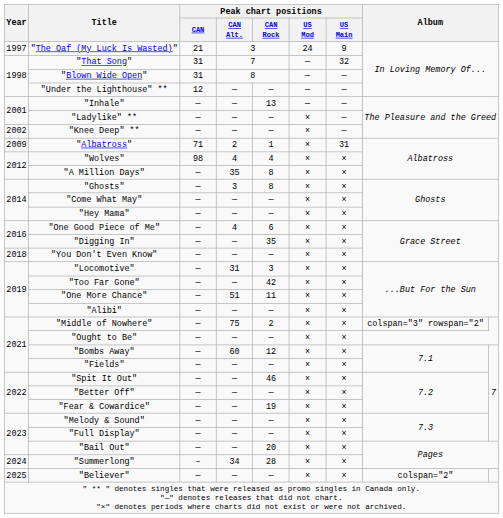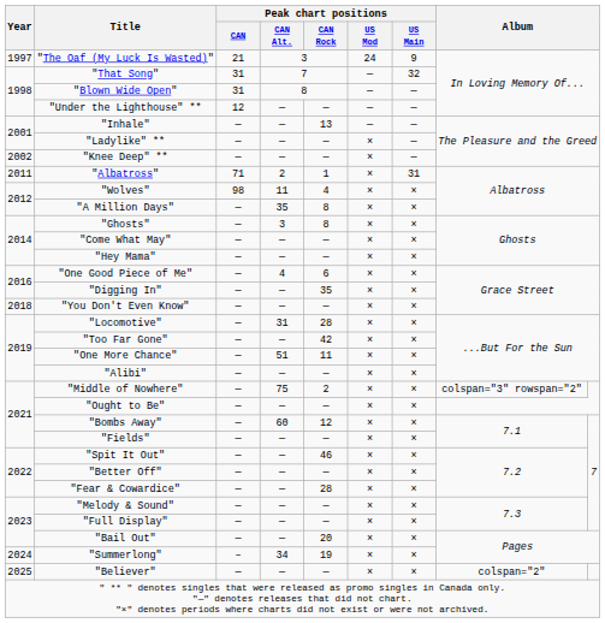 <table class="wikitable" style="text-align:center;">
 <tr>
 <th rowspan="2">Year</th>
 <th rowspan="2">Title</th>
 <th colspan="5">Peak chart positions</th>
 <th colspan="2" rowspan="2">Album</th>
 </tr>
 <tr>
 <th width="50"><small><a href='#'>CAN</a></small><br></th>
 <th width="50"><small><a href='#'>CAN <br> Alt.</a></small><br></th>
 <th width="50"><small><a href='#'>CAN<br>Rock</a></small><br></th>
 <th width="50"><small><a href='#'>US<br>Mod</a></small><br></th>
 <th width="50"><small><a href='#'>US<br>Main</a></small><br></th>
 </tr>
 <tr>
 <td>1997</td>
 <td>"<a href='#'>The Oaf (My Luck Is Wasted)</a>"</td>
 <td>21</td>
 <td colspan="2">3</td>
 <td>24</td>
 <td>9</td>
 <td colspan="2" rowspan="4"><em>In Loving Memory Of...</em></td>
 </tr>
 <tr>
 <td rowspan=3>1998</td>
 <td>"<a href='#'>That Song</a>"</td>
 <td>31</td>
 <td colspan="2">7</td>
 <td>—</td>
 <td>32</td>
 </tr>
 <tr>
 <td>"<a href='#'>Blown Wide Open</a>"</td>
 <td>31</td>
 <td colspan="2">8</td>
 <td>—</td>
 <td>—</td>
 </tr>
 <tr>
 <td>"Under the Lighthouse" **</td>
 <td>12</td>
 <td>—</td>
 <td>—</td>
 <td>—</td>
 <td>—</td>
 </tr>
 <tr>
 <td rowspan=2>2001</td>
 <td>"Inhale"</td>
 <td>—</td>
 <td>—</td>
 <td>13</td>
 <td>—</td>
 <td>—</td>
 <td colspan="2" rowspan="3"><em>The Pleasure and the Greed</em></td>
 </tr>
 <tr>
 <td>"Ladylike" **</td>
 <td>—</td>
 <td>—</td>
 <td>—</td>
 <td>×</td>
 <td>—</td>
 </tr>
 <tr>
 <td>2002</td>
 <td>"Knee Deep" **</td>
 <td>—</td>
 <td>—</td>
 <td>—</td>
 <td>×</td>
 <td>—</td>
 </tr>
 <tr>
-<td>2009</td>
+<td>2011</td>
 <td>"<a href='#'>Albatross</a>"</td>
 <td>71</td>
 <td>2</td>
 <td>1</td>
 <td>×</td>
 <td>31</td>
 <td colspan="2" rowspan="3"><em>Albatross</em></td>
 </tr>
 <tr>
 <td rowspan=2>2012</td>
 <td>"Wolves"</td>
 <td>98</td>
-<td>4</td>
+<td>11</td>
 <td>4</td>
 <td>×</td>
 <td>×</td>
 </tr>
 <tr>
 <td>"A Million Days"</td>
 <td>—</td>
 <td>35</td>
 <td>8</td>
 <td>×</td>
 <td>×</td>
 </tr>
 <tr>
 <td rowspan=3>2014</td>
 <td>"Ghosts"</td>
 <td>—</td>
 <td>3</td>
 <td>8</td>
 <td>×</td>
 <td>×</td>
 <td colspan="2" rowspan="3"><em>Ghosts</em></td>
 </tr>
 <tr>
 <td>"Come What May"</td>
 <td>—</td>
 <td>—</td>
 <td>—</td>
 <td>×</td>
 <td>×</td>
 </tr>
 <tr>
 <td>"Hey Mama"</td>
 <td>—</td>
 <td>—</td>
 <td>—</td>
 <td>×</td>
 <td>×</td>
 </tr>
 <tr>
 <td rowspan="2">2016</td>
 <td>"One Good Piece of Me"</td>
 <td>—</td>
 <td>4</td>
 <td>6</td>
 <td>×</td>
 <td>×</td>
 <td colspan="2" rowspan="3"><em>Grace Street</em></td>
 </tr>
 <tr>
 <td>"Digging In"</td>
 <td>—</td>
 <td>—</td>
 <td>35</td>
 <td>×</td>
 <td>×</td>
 </tr>
 <tr>
 <td>2018</td>
 <td>"You Don't Even Know"</td>
 <td>—</td>
 <td>—</td>
 <td>—</td>
 <td>×</td>
 <td>×</td>
 </tr>
 <tr>
 <td rowspan="4">2019</td>
 <td>"Locomotive"</td>
 <td>—</td>
 <td>31</td>
-<td>3</td>
+<td>28</td>
 <td>×</td>
 <td>×</td>
 <td colspan="2" rowspan="4"><em>...But For the Sun</em></td>
 </tr>
 <tr>
 <td>"Too Far Gone"</td>
 <td>—</td>
 <td>—</td>
 <td>42</td>
 <td>×</td>
 <td>×</td>
 </tr>
 <tr>
 <td>"One More Chance"</td>
 <td>—</td>
 <td>51</td>
 <td>11</td>
 <td>×</td>
 <td>×</td>
 </tr>
 <tr>
 <td>"Alibi"</td>
 <td>—</td>
 <td>—</td>
 <td>—</td>
 <td>×</td>
 <td>×</td>
 </tr>
 <tr>
 <td rowspan="4">2021</td>
 <td>"Middle of Nowhere" </td>
 <td>—</td>
 <td>75</td>
 <td>2</td>
 <td>×</td>
 <td>×</td>
 <td>colspan="3" rowspan="2" </td>
 </tr>
 <tr>
 <td>"Ought to Be"</td>
 <td>—</td>
 <td>—</td>
 <td>—</td>
 <td>×</td>
 <td>×</td>
 </tr>
 <tr>
 <td>"Bombs Away"</td>
 <td>—</td>
 <td>60</td>
 <td>12</td>
 <td>×</td>
 <td>×</td>
 <td rowspan="2"><em>7.1</em></td>
 <td rowspan="7"><em>7</em></td>
 </tr>
 <tr>
 <td>"Fields"</td>
 <td>—</td>
 <td>—</td>
 <td>—</td>
 <td>×</td>
 <td>×</td>
 </tr>
 <tr>
 <td rowspan="3">2022</td>
 <td>"Spit It Out"</td>
 <td>—</td>
 <td>—</td>
 <td>46</td>
 <td>×</td>
 <td>×</td>
 <td rowspan="3"><em>7.2</em></td>
 </tr>
 <tr>
 <td>"Better Off"</td>
 <td>—</td>
 <td>—</td>
 <td>—</td>
 <td>×</td>
 <td>×</td>
 </tr>
 <tr>
 <td>"Fear & Cowardice"</td>
 <td>—</td>
 <td>—</td>
-<td>19</td>
+<td>28</td>
 <td>×</td>
 <td>×</td>
 </tr>
 <tr>
 <td rowspan="3">2023</td>
 <td>"Melody & Sound"</td>
 <td>—</td>
 <td>—</td>
 <td>—</td>
 <td>×</td>
 <td>×</td>
 <td rowspan="2"><em>7.3</em></td>
 </tr>
 <tr>
 <td>"Full Display"</td>
 <td>—</td>
 <td>—</td>
 <td>—</td>
 <td>×</td>
 <td>×</td>
 </tr>
 <tr>
 <td>"Bail Out"</td>
 <td>—</td>
 <td>—</td>
 <td>20</td>
 <td>×</td>
 <td>×</td>
 <td colspan="2" rowspan="2"><em>Pages</em></td>
 </tr>
 <tr>
 <td>2024</td>
 <td>"Summerlong"</td>
 <td>–</td>
 <td>34</td>
-<td>28</td>
+<td>19</td>
 <td>×</td>
 <td>×</td>
 </tr>
 <tr>
 <td>2025</td>
 <td>"Believer"</td>
 <td>—</td>
 <td>—</td>
 <td>—</td>
 <td>×</td>
 <td>×</td>
 <td>colspan="2" </td>
 </tr>
 <tr>
 <td colspan="9" style="font-size:90%">" ** " denotes singles that were released as promo singles in Canada only.<br>"—" denotes releases that did not chart.<br>"×" denotes periods where charts did not exist or were not archived.</td>
 </tr>
 </table>
